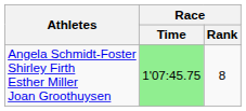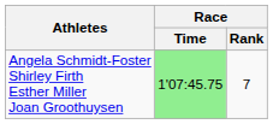 <table class="wikitable" border="1" style="font-size:90%">
 <tr>
 <th rowspan=2>Athletes</th>
 <th colspan=2>Race</th>
 </tr>
 <tr>
 <th>Time</th>
 <th>Rank</th>
 </tr>
 <tr>
 <td><a href='#'>Angela Schmidt-Foster</a><br><a href='#'>Shirley Firth</a><br><a href='#'>Esther Miller</a><br><a href='#'>Joan Groothuysen</a></td>
 <td align=center style="background: lightgreen;">1'07:45.75</td>
-<td align=center>8</td>
+<td align=center>7</td>
 </tr>
 </table>
